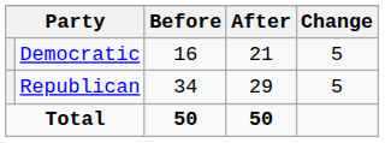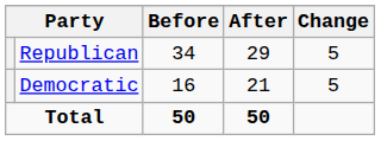 <table class="wikitable" style="text-align:center;">
 <tr>
 </tr>
 <tr>
 <th colspan=2>Party</th>
 <th>Before</th>
 <th>After</th>
 <th>Change</th>
 </tr>
 <tr>
 <th style="background-color:"></th>
-<td style="text-align:left;"><a href='#'>Democratic</a></td>
-<td>16</td>
-<td>21</td>
+<td style="text-align:left;"><a href='#'>Republican</a></td>
+<td>34</td>
+<td>29</td>
 <td> 5</td>
 </tr>
 <tr>
 <th style="background-color:"></th>
-<td style="text-align:left;"><a href='#'>Republican</a></td>
-<td>34</td>
-<td>29</td>
+<td style="text-align:left;"><a href='#'>Democratic</a></td>
+<td>16</td>
+<td>21</td>
 <td> 5</td>
 </tr>
 <tr>
 <td colspan=2><strong>Total</strong></td>
 <td><strong>50</strong></td>
 <td><strong>50</strong></td>
 <td></td>
 </tr>
 </table>
